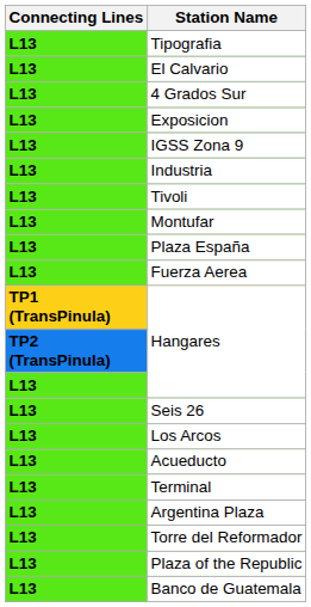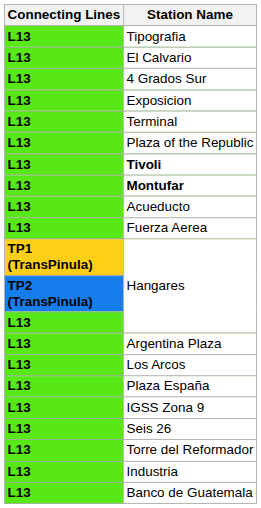 <table class="wikitable">
 <tr>
 <th>Connecting Lines</th>
 <th>Station Name</th>
 </tr>
 <tr style="background-color:#59E817;">
 <td><strong>L13</strong></td>
 <td style="color:black; background-color:white;">Tipografia</td>
 </tr>
 <tr style="background-color:#59E817;">
 <td><strong>L13</strong></td>
 <td style="color:black; background-color:white;">El Calvario</td>
 </tr>
 <tr style="background-color:#59E817;">
 <td><strong>L13</strong></td>
 <td rowspan="1" style="color:black; background-color:white;">4 Grados Sur</td>
 </tr>
 <tr style="background-color:#59E817;">
 <td><strong>L13</strong></td>
 <td rowspan="1" style="color:black; background-color:white;">Exposicion</td>
 </tr>
 <tr style="background-color:#59E817;">
 <td><strong>L13</strong></td>
-<td rowspan="1" style="color:black; background-color:white;">IGSS Zona 9</td>
+<td rowspan="1" style="color:black; background-color:white;">Terminal</td>
 </tr>
 <tr style="background-color:#59E817;">
 <td><strong>L13</strong></td>
-<td rowspan="1" style="color:black; background-color:white;">Industria</td>
+<td rowspan="1" style="color:black; background-color:white;">Plaza of the Republic</td>
 </tr>
 <tr style="background-color:#59E817;">
 <td><strong>L13</strong></td>
-<td rowspan="1" style="color:black; background-color:white;">Tivoli</td>
+<td rowspan="1" style="color:black; background-color:white;"><strong>Tivoli</strong></td>
 </tr>
 <tr style="background-color:#59E817;">
 <td><strong>L13</strong></td>
-<td rowspan="1" style="color:black; background-color:white;">Montufar</td>
+<td rowspan="1" style="color:black; background-color:white;"><strong>Montufar</strong></td>
 </tr>
 <tr style="background-color:#59E817;">
 <td><strong>L13</strong></td>
-<td rowspan="1" style="color:black; background-color:white;">Plaza España</td>
+<td rowspan="1" style="color:black; background-color:white;">Acueducto</td>
 </tr>
 <tr style="background-color:#59E817;">
 <td><strong>L13</strong></td>
 <td style="color:black; background-color:white;">Fuerza Aerea</td>
 </tr>
 <tr style="background-color:#FDD017;">
 <td><strong>TP1<br> (TransPinula)</strong></td>
 <td style="background-color:white;" rowspan="3">Hangares</td>
 </tr>
 <tr style="background-color:#157DEC;">
 <td><strong>TP2<br> (TransPinula)</strong></td>
 </tr>
 <tr style="background-color:#59E817;">
 <td><strong>L13</strong></td>
 </tr>
 <tr style="background-color:#59E817;">
 <td><strong>L13</strong></td>
-<td rowspan="1" style="color:black; background-color:white;">Seis 26</td>
+<td style="color:black; background-color:white;">Argentina Plaza</td>
 </tr>
 <tr style="background-color:#59E817;">
 <td><strong>L13</strong></td>
 <td rowspan="1" style="color:black; background-color:white;">Los Arcos</td>
 </tr>
 <tr style="background-color:#59E817;">
 <td><strong>L13</strong></td>
-<td rowspan="1" style="color:black; background-color:white;">Acueducto</td>
+<td rowspan="1" style="color:black; background-color:white;">Plaza España</td>
 </tr>
 <tr style="background-color:#59E817;">
 <td><strong>L13</strong></td>
-<td rowspan="1" style="color:black; background-color:white;">Terminal</td>
+<td rowspan="1" style="color:black; background-color:white;">IGSS Zona 9</td>
 </tr>
 <tr style="background-color:#59E817;">
 <td><strong>L13</strong></td>
-<td style="color:black; background-color:white;">Argentina Plaza</td>
+<td rowspan="1" style="color:black; background-color:white;">Seis 26</td>
 </tr>
 <tr style="background-color:#59E817;">
 <td><strong>L13</strong></td>
 <td rowspan="1" style="color:black; background-color:white;">Torre del Reformador</td>
 </tr>
 <tr style="background-color:#59E817;">
 <td><strong>L13</strong></td>
-<td rowspan="1" style="color:black; background-color:white;">Plaza of the Republic</td>
+<td rowspan="1" style="color:black; background-color:white;">Industria</td>
 </tr>
 <tr style="background-color:#59E817;">
 <td><strong>L13</strong></td>
 <td rowspan="1" style="color:black; background-color:white;">Banco de Guatemala</td>
 </tr>
 </table>
